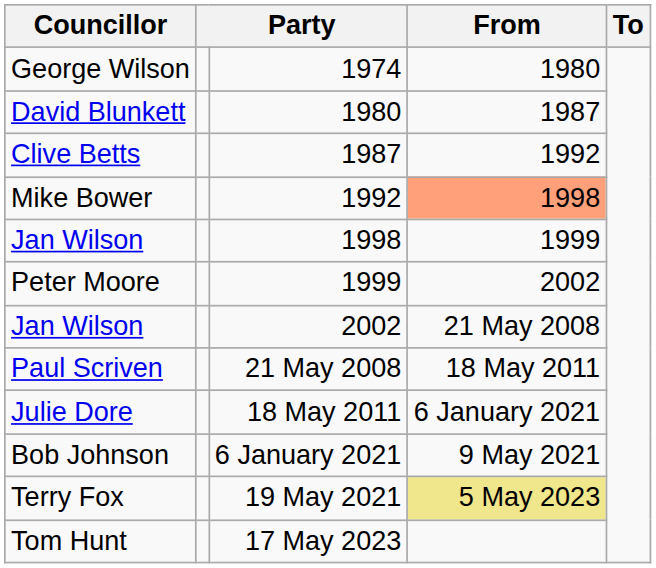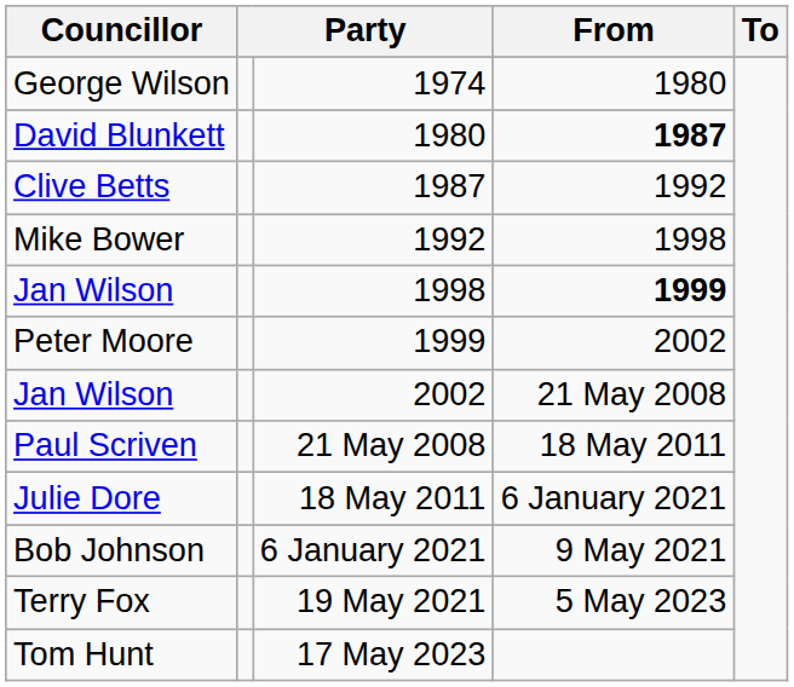 <table class=wikitable>
 <tr>
 <th>Councillor</th>
 <th colspan=2>Party</th>
 <th>From</th>
 <th>To</th>
 </tr>
 <tr>
 <td>George Wilson</td>
 <td></td>
 <td align=right>1974</td>
 <td align=right>1980</td>
 </tr>
 <tr>
 <td><a href='#'>David Blunkett</a></td>
 <td></td>
 <td align=right>1980</td>
-<td align=right>1987</td>
+<td align=right><strong>1987</strong></td>
 </tr>
 <tr>
 <td><a href='#'>Clive Betts</a></td>
 <td></td>
 <td align=right>1987</td>
 <td align=right>1992</td>
 </tr>
 <tr>
 <td>Mike Bower</td>
 <td></td>
 <td align=right>1992</td>
-<td align=right style="background: lightsalmon;">1998</td>
+<td align=right>1998</td>
 </tr>
 <tr>
 <td><a href='#'>Jan Wilson</a></td>
 <td></td>
 <td align=right>1998</td>
-<td align=right>1999</td>
+<td align=right><strong>1999</strong></td>
 </tr>
 <tr>
 <td>Peter Moore</td>
 <td></td>
 <td align=right>1999</td>
 <td align=right>2002</td>
 </tr>
 <tr>
 <td><a href='#'>Jan Wilson</a></td>
 <td></td>
 <td align=right>2002</td>
 <td align=right>21 May 2008</td>
 </tr>
 <tr>
 <td><a href='#'>Paul Scriven</a></td>
 <td></td>
 <td align=right>21 May 2008</td>
 <td align=right>18 May 2011</td>
 </tr>
 <tr>
 <td><a href='#'>Julie Dore</a></td>
 <td></td>
 <td align=right>18 May 2011</td>
 <td align=right>6 January 2021</td>
 </tr>
 <tr>
 <td>Bob Johnson</td>
 <td></td>
 <td align=right>6 January 2021</td>
 <td align=right>9 May 2021</td>
 </tr>
 <tr>
 <td>Terry Fox</td>
 <td></td>
 <td align=right>19 May 2021</td>
-<td align=right style="background: khaki;">5 May 2023</td>
+<td align=right>5 May 2023</td>
 </tr>
 <tr>
 <td>Tom Hunt</td>
 <td></td>
 <td align=right>17 May 2023</td>
 <td align=right></td>
 </tr>
 </table>
